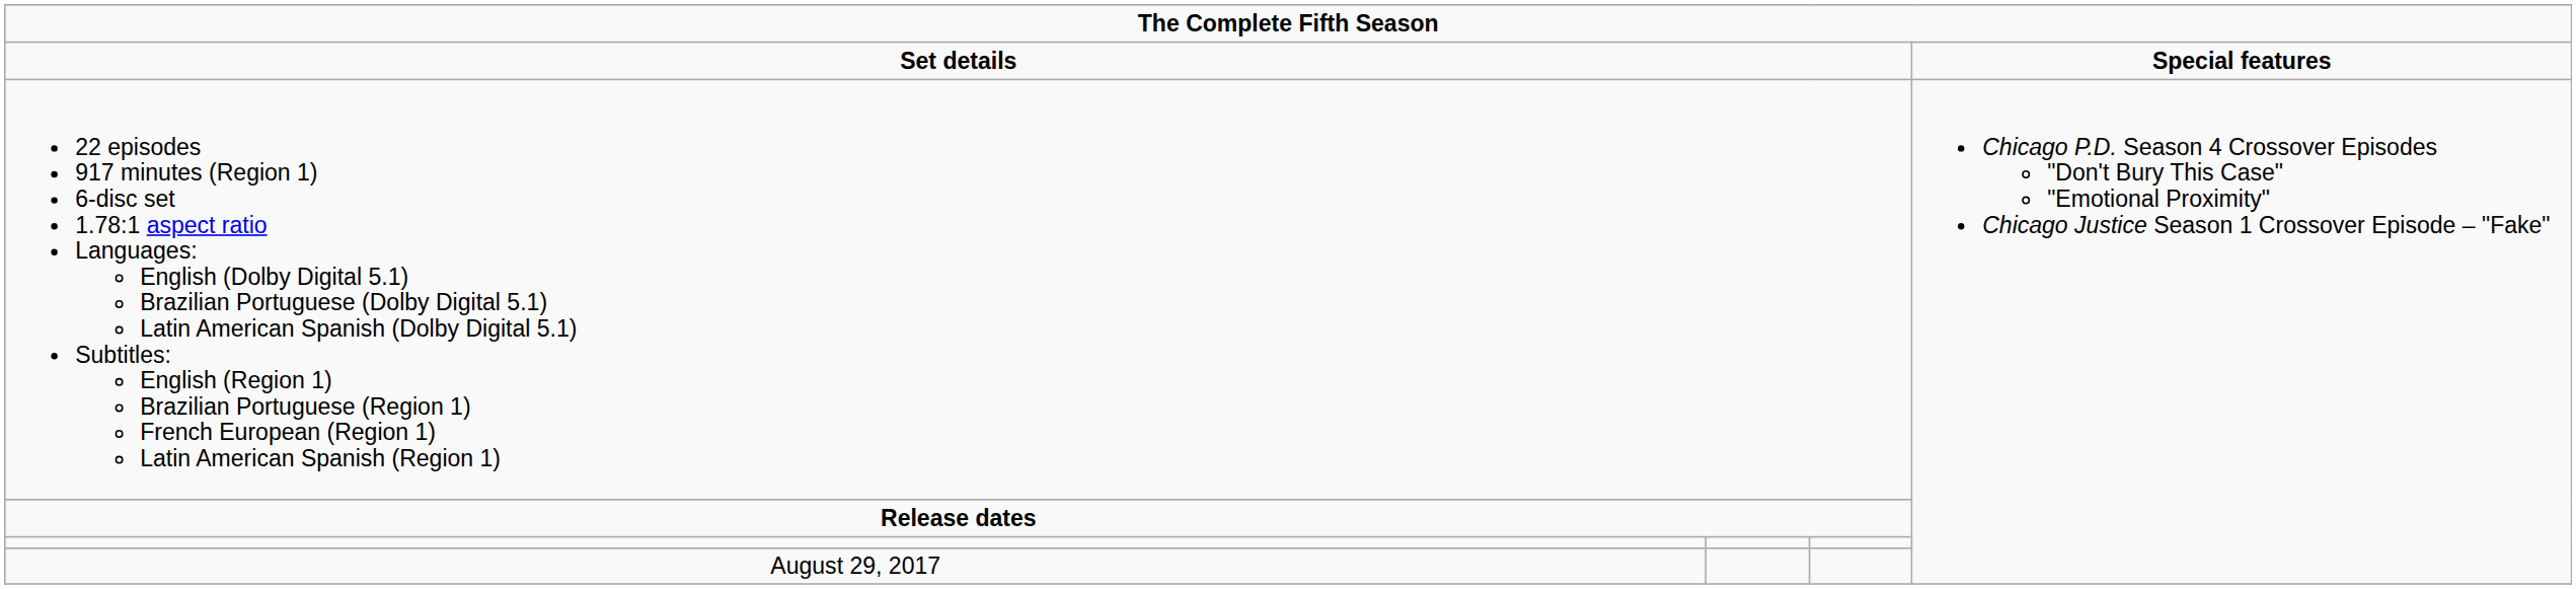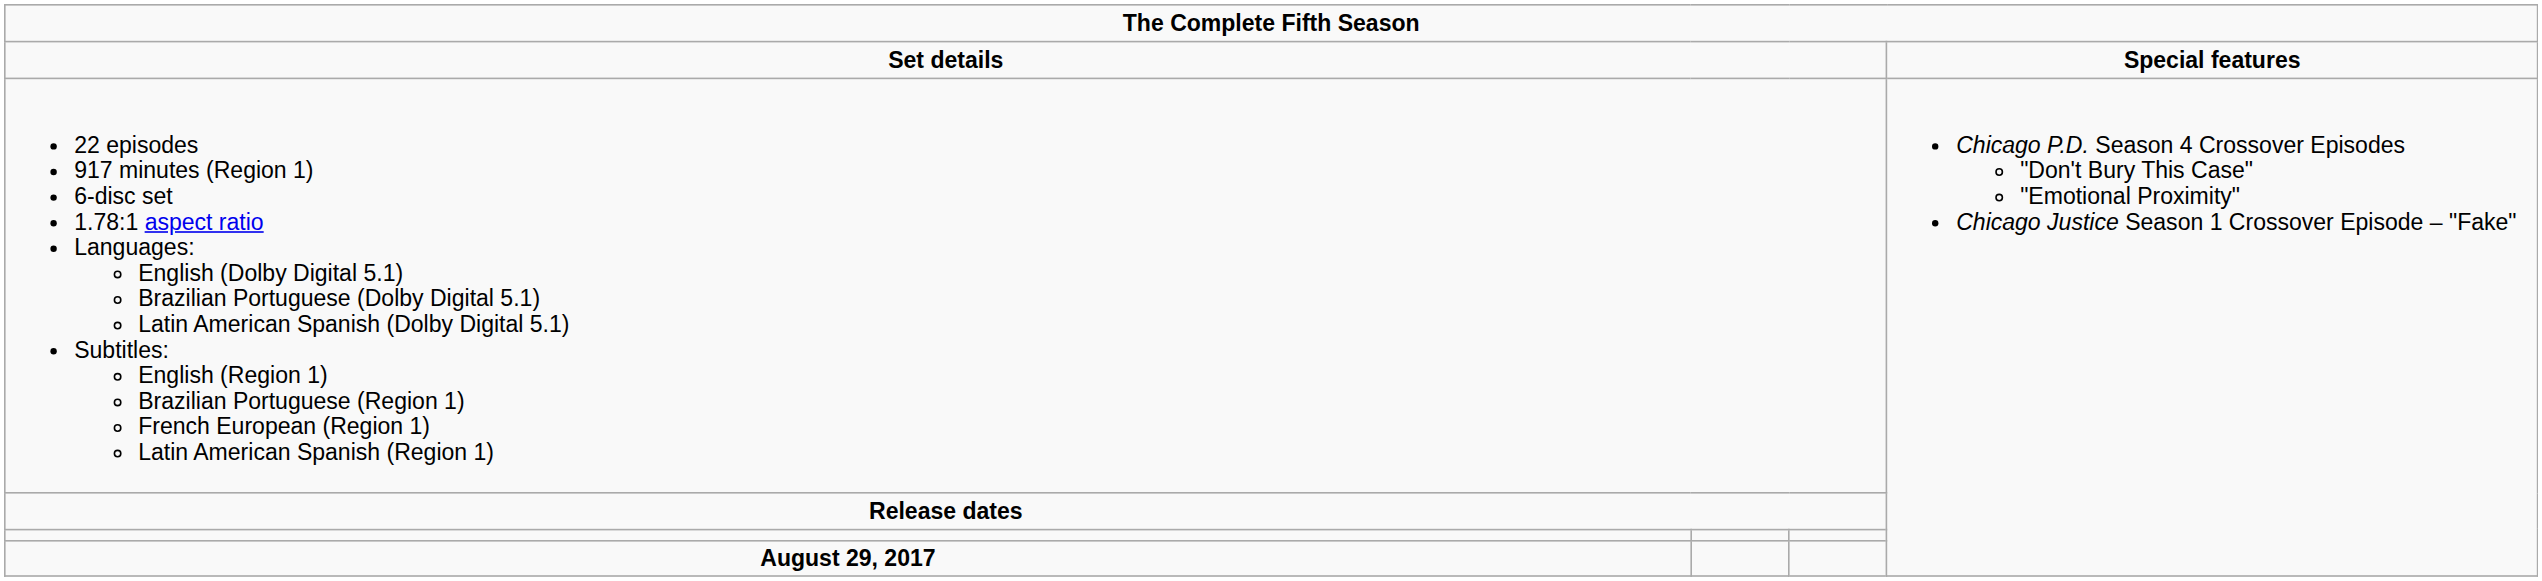 <table class="wikitable plainrowheaders" style="font-size:90%; text-align:center; width: 100%; margin-left: auto; margin-right: auto;">
 <tr>
 <td colspan="6"><strong>The Complete Fifth Season</strong></td>
 </tr>
 <tr>
 <td align="center" width="300" colspan="3"><strong>Set details</strong></td>
 <td width="400" align="center"><strong>Special features</strong></td>
 </tr>
 <tr valign="top">
 <td colspan="3" align="left" width="300"><br><ul><li>22 episodes</li><li>917 minutes (Region 1)</li><li>6-disc set</li><li>1.78:1 <a href='#'>aspect ratio</a></li><li>Languages:<ul><li>English (Dolby Digital 5.1)</li><li>Brazilian Portuguese (Dolby Digital 5.1)</li><li>Latin American Spanish (Dolby Digital 5.1)</li></ul></li><li>Subtitles:<ul><li>English (Region 1)</li><li>Brazilian Portuguese (Region 1)</li><li>French European (Region 1)</li><li>Latin American Spanish (Region 1)</li></ul></li></ul></td>
 <td rowspan="4" align="left" width="400"><br><ul><li><em>Chicago P.D.</em> Season 4 Crossover Episodes<ul><li>"Don't Bury This Case"</li><li>"Emotional Proximity"</li></ul></li><li><em>Chicago Justice</em> Season 1 Crossover Episode – "Fake"</li></ul></td>
 </tr>
 <tr>
 <td colspan="3" align="center"><strong>Release dates</strong></td>
 </tr>
 <tr>
 <td align="center"></td>
 <td align="center"></td>
 <td align="center"></td>
 </tr>
 <tr>
-<td align="center">August 29, 2017</td>
+<td align="center"><strong>August 29, 2017</strong></td>
 <td align="center"></td>
 <td align="center"></td>
 </tr>
 </table>
